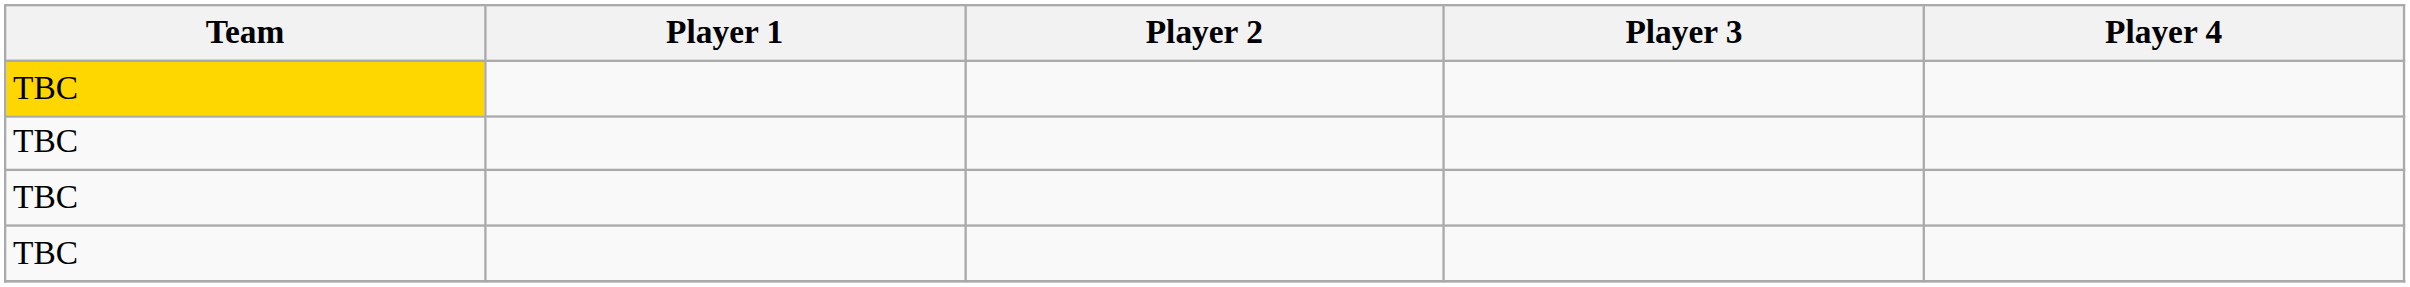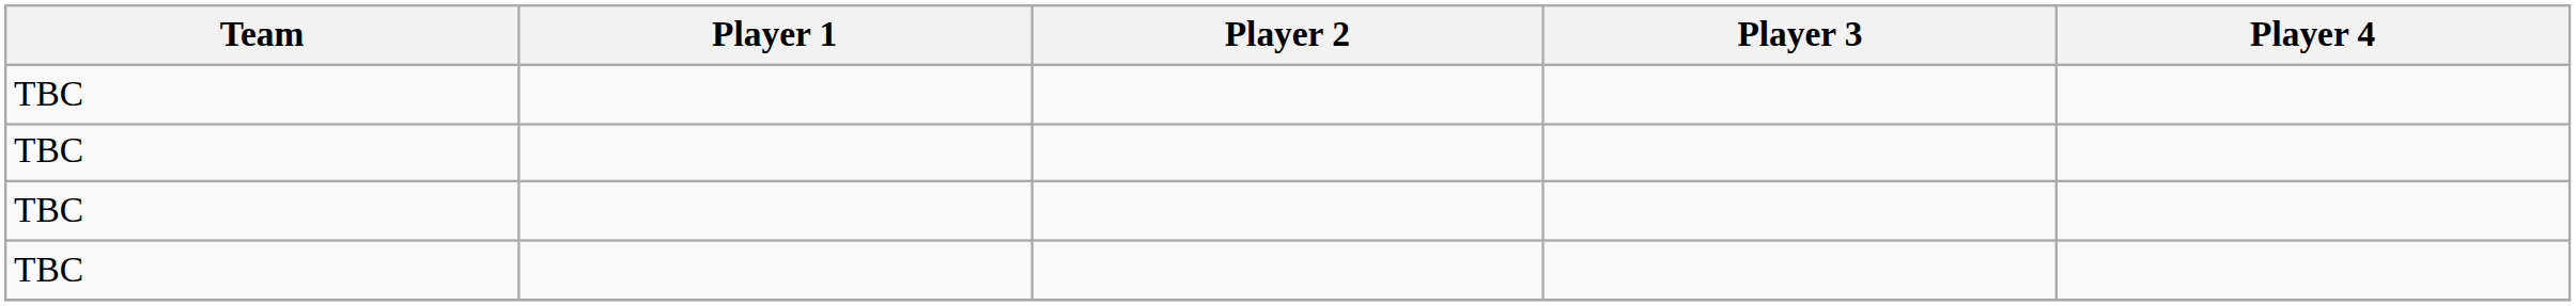 <table class="wikitable" style="font-size:90%;">
 <tr>
 <th scope=col width="200">Team</th>
 <th scope=col width="200">Player 1</th>
 <th scope=col width="200">Player 2</th>
 <th scope=col width="200">Player 3</th>
 <th scope=col width="200">Player 4</th>
 </tr>
 <tr>
-<td style="background: gold;">TBC</td>
+<td>TBC</td>
 <td></td>
 <td></td>
 <td></td>
 <td></td>
 </tr>
 <tr>
 <td>TBC</td>
 <td></td>
 <td></td>
 <td></td>
 <td></td>
 </tr>
 <tr>
 <td>TBC</td>
 <td></td>
 <td></td>
 <td></td>
 <td></td>
 </tr>
 <tr>
 <td>TBC</td>
 <td></td>
 <td></td>
 <td></td>
 <td></td>
 </tr>
 <tr>
 </tr>
 </table>
